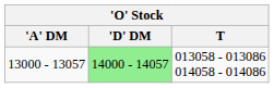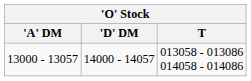 <table class="wikitable">
 <tr>
 <th colspan=3>'O' Stock</th>
 </tr>
 <tr>
 <th>'A' DM</th>
 <th>'D' DM</th>
 <th>T</th>
 </tr>
 <tr align=center nowrap>
 <td>13000 - 13057</td>
-<td style="background: lightgreen;">14000 - 14057</td>
+<td>14000 - 14057</td>
 <td>013058 - 013086<br>014058 - 014086</td>
 </tr>
 </table>
